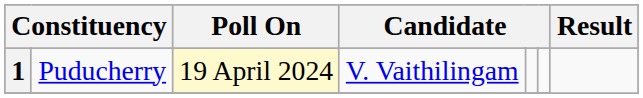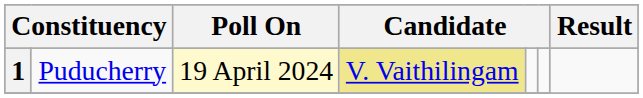 <table class="wikitable " style="text-align:center;">
 <tr>
 <th colspan="2">Constituency</th>
 <th>Poll On</th>
 <th colspan="3">Candidate</th>
 <th>Result</th>
 </tr>
 <tr>
 <th>1</th>
 <td><a href='#'>Puducherry</a></td>
 <td bgcolor=#FFFACD>19 April 2024</td>
-<td><a href='#'>V. Vaithilingam</a></td>
+<td style="background: khaki;"><a href='#'>V. Vaithilingam</a></td>
 <td></td>
 <td></td>
 </tr>
 <tr>
 </tr>
 </table>
